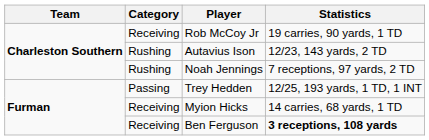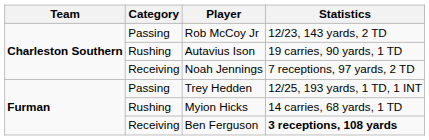 <table class="wikitable" style="float: right;">
 <tr>
 <th>Team</th>
 <th>Category</th>
 <th>Player</th>
 <th>Statistics</th>
 </tr>
 <tr>
 <td rowspan=3><strong>Charleston Southern</strong></td>
-<td>Receiving</td>
+<td>Passing</td>
 <td>Rob McCoy Jr</td>
-<td>19 carries, 90 yards, 1 TD</td>
+<td>12/23, 143 yards, 2 TD</td>
 </tr>
 <tr>
 <td>Rushing</td>
 <td>Autavius Ison</td>
-<td>12/23, 143 yards, 2 TD</td>
+<td>19 carries, 90 yards, 1 TD</td>
 </tr>
 <tr>
-<td>Rushing</td>
+<td>Receiving</td>
 <td>Noah Jennings</td>
 <td>7 receptions, 97 yards, 2 TD</td>
 </tr>
 <tr>
 <td rowspan=3><strong>Furman</strong></td>
 <td>Passing</td>
 <td>Trey Hedden</td>
 <td>12/25, 193 yards, 1 TD, 1 INT</td>
 </tr>
 <tr>
-<td>Receiving</td>
+<td>Rushing</td>
 <td>Myion Hicks</td>
 <td>14 carries, 68 yards, 1 TD</td>
 </tr>
 <tr>
 <td>Receiving</td>
 <td>Ben Ferguson</td>
 <td><strong>3 receptions, 108 yards</strong></td>
 </tr>
 </table>
